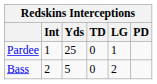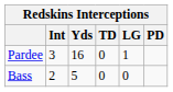 <table class="wikitable">
 <tr>
 <th colspan="6">Redskins Interceptions</th>
 </tr>
 <tr>
 <th></th>
 <th>Int</th>
 <th>Yds</th>
 <th>TD</th>
 <th>LG</th>
 <th>PD</th>
 </tr>
 <tr>
 <td><a href='#'>Pardee</a></td>
-<td>1</td>
-<td>25</td>
+<td>3</td>
+<td>16</td>
 <td>0</td>
 <td>1</td>
 <td></td>
 </tr>
 <tr>
 <td><a href='#'>Bass</a></td>
 <td>2</td>
 <td>5</td>
 <td>0</td>
-<td>2</td>
+<td>0</td>
 <td></td>
 </tr>
 </table>
